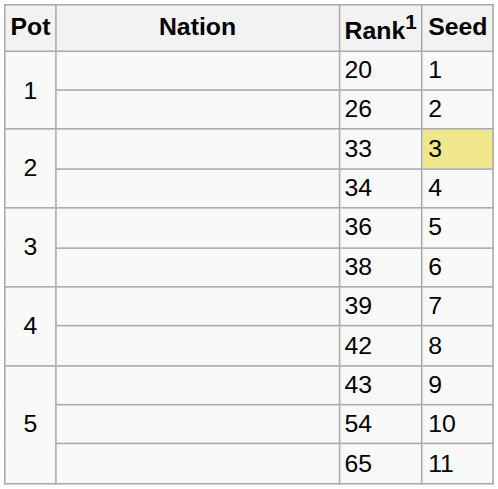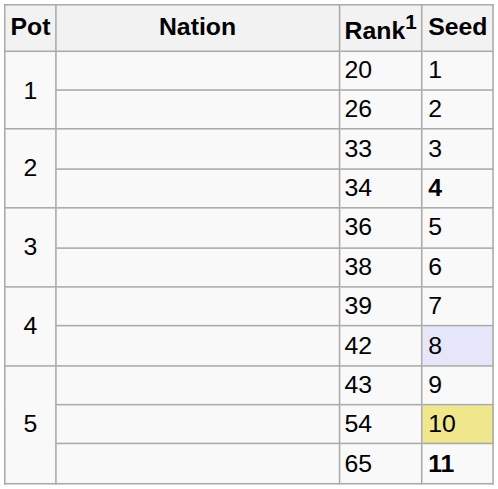 <table class="wikitable">
 <tr>
 <th>Pot</th>
 <th width="175">Nation</th>
 <th>Rank<sup>1</sup></th>
 <th>Seed</th>
 </tr>
 <tr>
 <td rowspan=2 style="text-align:center;">1</td>
 <td></td>
 <td>20</td>
 <td>1</td>
 </tr>
 <tr>
 <td></td>
 <td>26</td>
 <td>2</td>
 </tr>
 <tr>
 <td rowspan=2 style="text-align:center;">2</td>
 <td></td>
 <td>33</td>
-<td style="background: khaki;">3</td>
+<td>3</td>
 </tr>
 <tr>
 <td></td>
 <td>34</td>
-<td>4</td>
+<td><strong>4</strong></td>
 </tr>
 <tr>
 <td rowspan=2 style="text-align:center;">3</td>
 <td></td>
 <td>36</td>
 <td>5</td>
 </tr>
 <tr>
 <td></td>
 <td>38</td>
 <td>6</td>
 </tr>
 <tr>
 <td rowspan=2 style="text-align:center;">4</td>
 <td></td>
 <td>39</td>
 <td>7</td>
 </tr>
 <tr>
 <td></td>
 <td>42</td>
-<td>8</td>
+<td style="background: lavender;">8</td>
 </tr>
 <tr>
 <td rowspan=3 style="text-align:center;">5</td>
 <td></td>
 <td>43</td>
 <td>9</td>
 </tr>
 <tr>
 <td></td>
 <td>54</td>
-<td>10</td>
+<td style="background: khaki;">10</td>
 </tr>
 <tr>
 <td></td>
 <td>65</td>
-<td>11</td>
+<td><strong>11</strong></td>
 </tr>
 </table>
